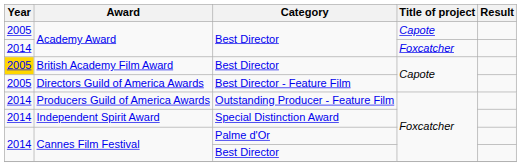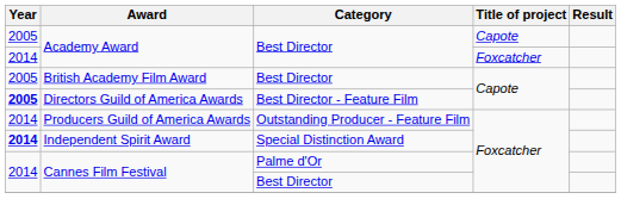 <table class="wikitable">
 <tr>
 <th>Year</th>
 <th>Award</th>
 <th>Category</th>
 <th>Title of project</th>
 <th>Result</th>
 </tr>
 <tr>
 <td><a href='#'>2005</a></td>
 <td rowspan=2><a href='#'>Academy Award</a></td>
 <td rowspan=2><a href='#'>Best Director</a></td>
 <td><em><a href='#'>Capote</a></em></td>
 <td></td>
 </tr>
 <tr>
 <td><a href='#'>2014</a></td>
 <td><em><a href='#'>Foxcatcher</a></em></td>
 <td></td>
 </tr>
 <tr>
-<td style="background: gold;"><a href='#'>2005</a></td>
+<td><a href='#'>2005</a></td>
 <td><a href='#'>British Academy Film Award</a></td>
 <td><a href='#'>Best Director</a></td>
 <td rowspan=2><em>Capote</em></td>
 <td></td>
 </tr>
 <tr>
-<td><a href='#'>2005</a></td>
+<td><strong><a href='#'>2005</a></strong></td>
 <td><a href='#'>Directors Guild of America Awards</a></td>
 <td><a href='#'>Best Director - Feature Film</a></td>
 <td></td>
 </tr>
 <tr>
 <td><a href='#'>2014</a></td>
 <td><a href='#'>Producers Guild of America Awards</a></td>
 <td><a href='#'>Outstanding Producer - Feature Film</a></td>
 <td rowspan=4><em>Foxcatcher</em></td>
 <td></td>
 </tr>
 <tr>
-<td><a href='#'>2014</a></td>
+<td><strong><a href='#'>2014</a></strong></td>
 <td><a href='#'>Independent Spirit Award</a></td>
 <td><a href='#'>Special Distinction Award</a></td>
 <td></td>
 </tr>
 <tr>
 <td rowspan=2><a href='#'>2014</a></td>
 <td rowspan=2><a href='#'>Cannes Film Festival</a></td>
 <td><a href='#'>Palme d'Or</a></td>
 <td></td>
 </tr>
 <tr>
 <td><a href='#'>Best Director</a></td>
 <td></td>
 </tr>
 <tr>
 </tr>
 </table>
